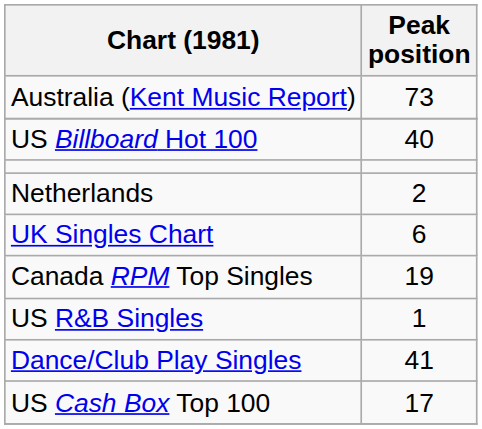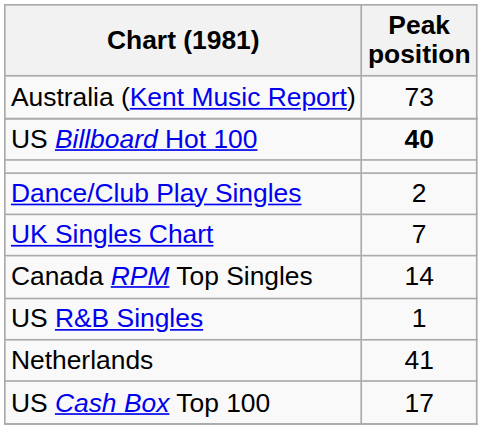 <table class="wikitable sortable">
 <tr>
 <th align="left">Chart (1981)</th>
 <th align="left">Peak<br>position</th>
 </tr>
 <tr>
 <td>Australia (<a href='#'>Kent Music Report</a>)</td>
 <td align="center">73</td>
 </tr>
 <tr>
 </tr>
 <tr>
 <td align="left">US <a href='#'><em>Billboard</em> Hot 100</a></td>
-<td align="center">40</td>
+<td align="center"><strong>40</strong></td>
 </tr>
 <tr>
 <td></td>
 </tr>
 <tr>
-<td>Netherlands </td>
+<td align="left"><a href='#'>Dance/Club Play Singles</a></td>
 <td align="center">2</td>
 </tr>
 <tr>
 <td><a href='#'>UK Singles Chart</a></td>
-<td align="center">6</td>
+<td align="center">7</td>
 </tr>
 <tr>
 <td>Canada <em><a href='#'>RPM</a></em> Top Singles</td>
-<td align="center">19</td>
+<td align="center">14</td>
 </tr>
 <tr>
 <td>US <a href='#'>R&B Singles</a></td>
 <td align="center">1</td>
 </tr>
 <tr>
-<td align="left"><a href='#'>Dance/Club Play Singles</a></td>
+<td>Netherlands </td>
 <td align="center">41</td>
 </tr>
 <tr>
 <td>US <a href='#'><em>Cash Box</em></a> Top 100</td>
 <td align="center">17</td>
 </tr>
 <tr>
 </tr>
 </table>
